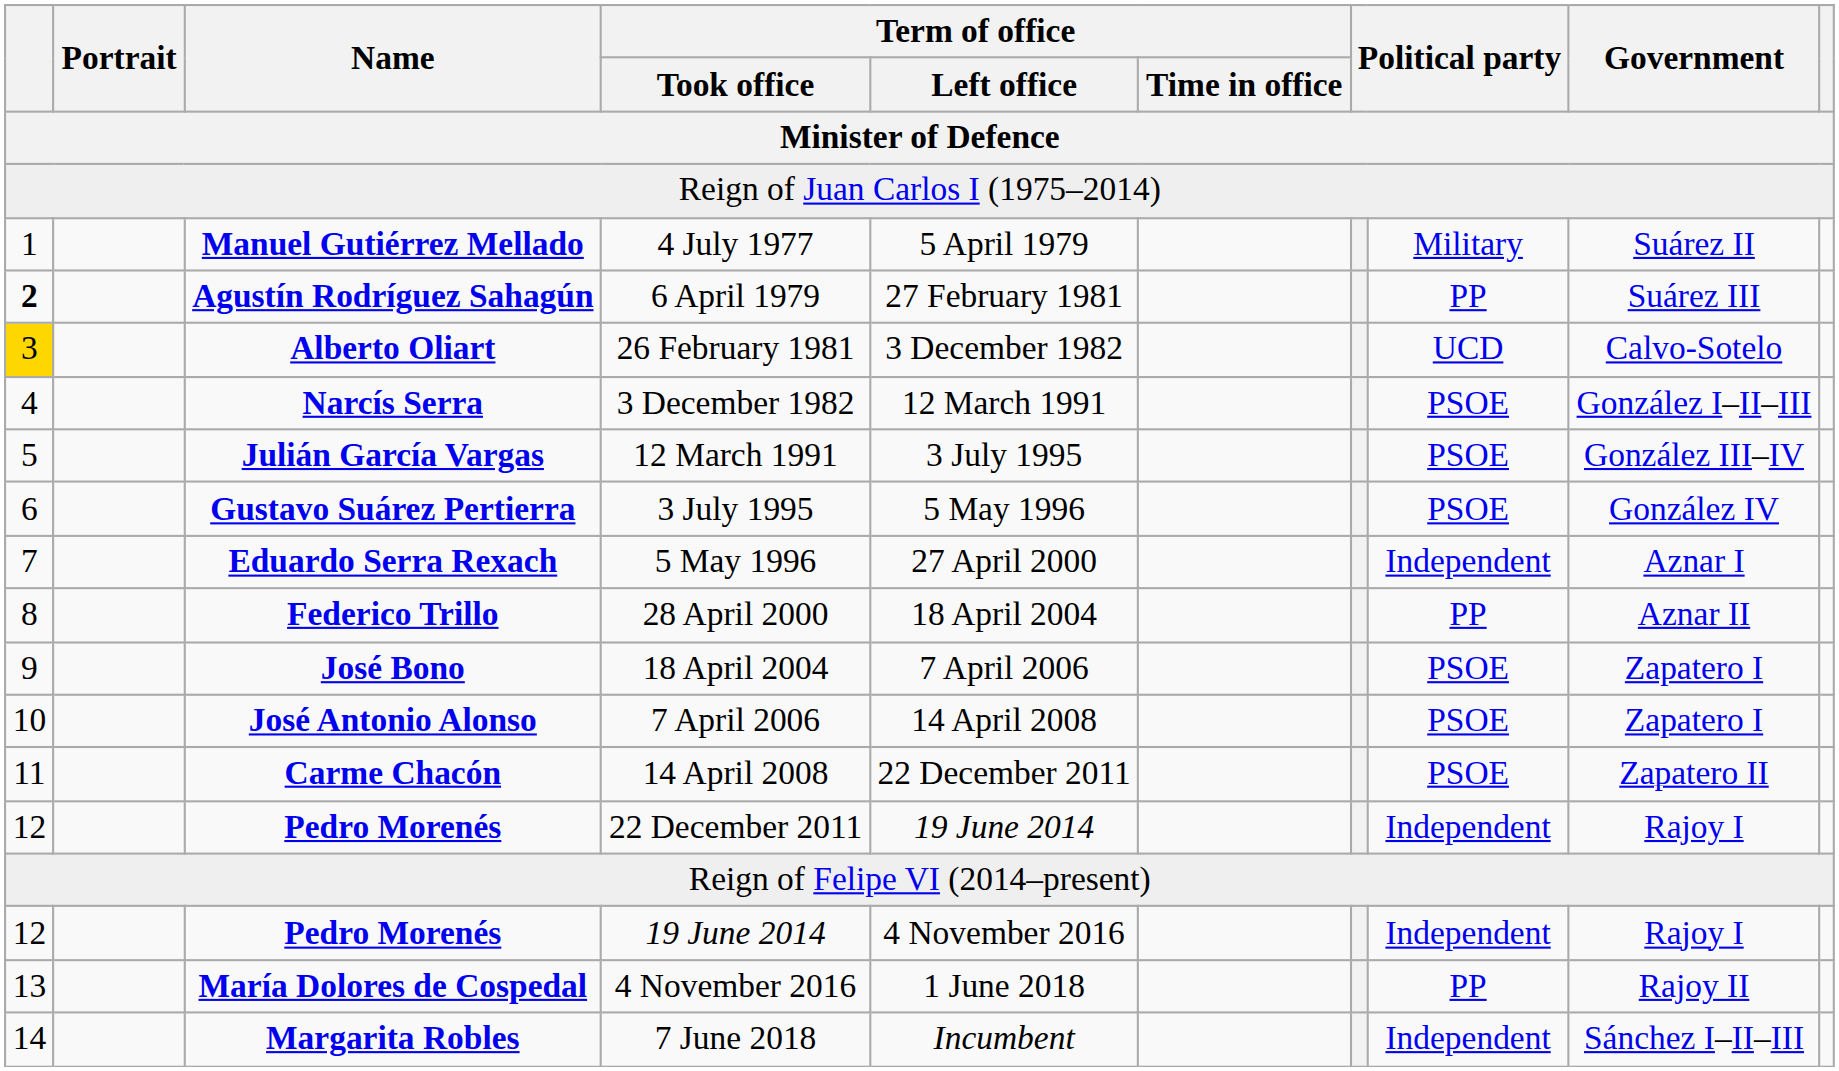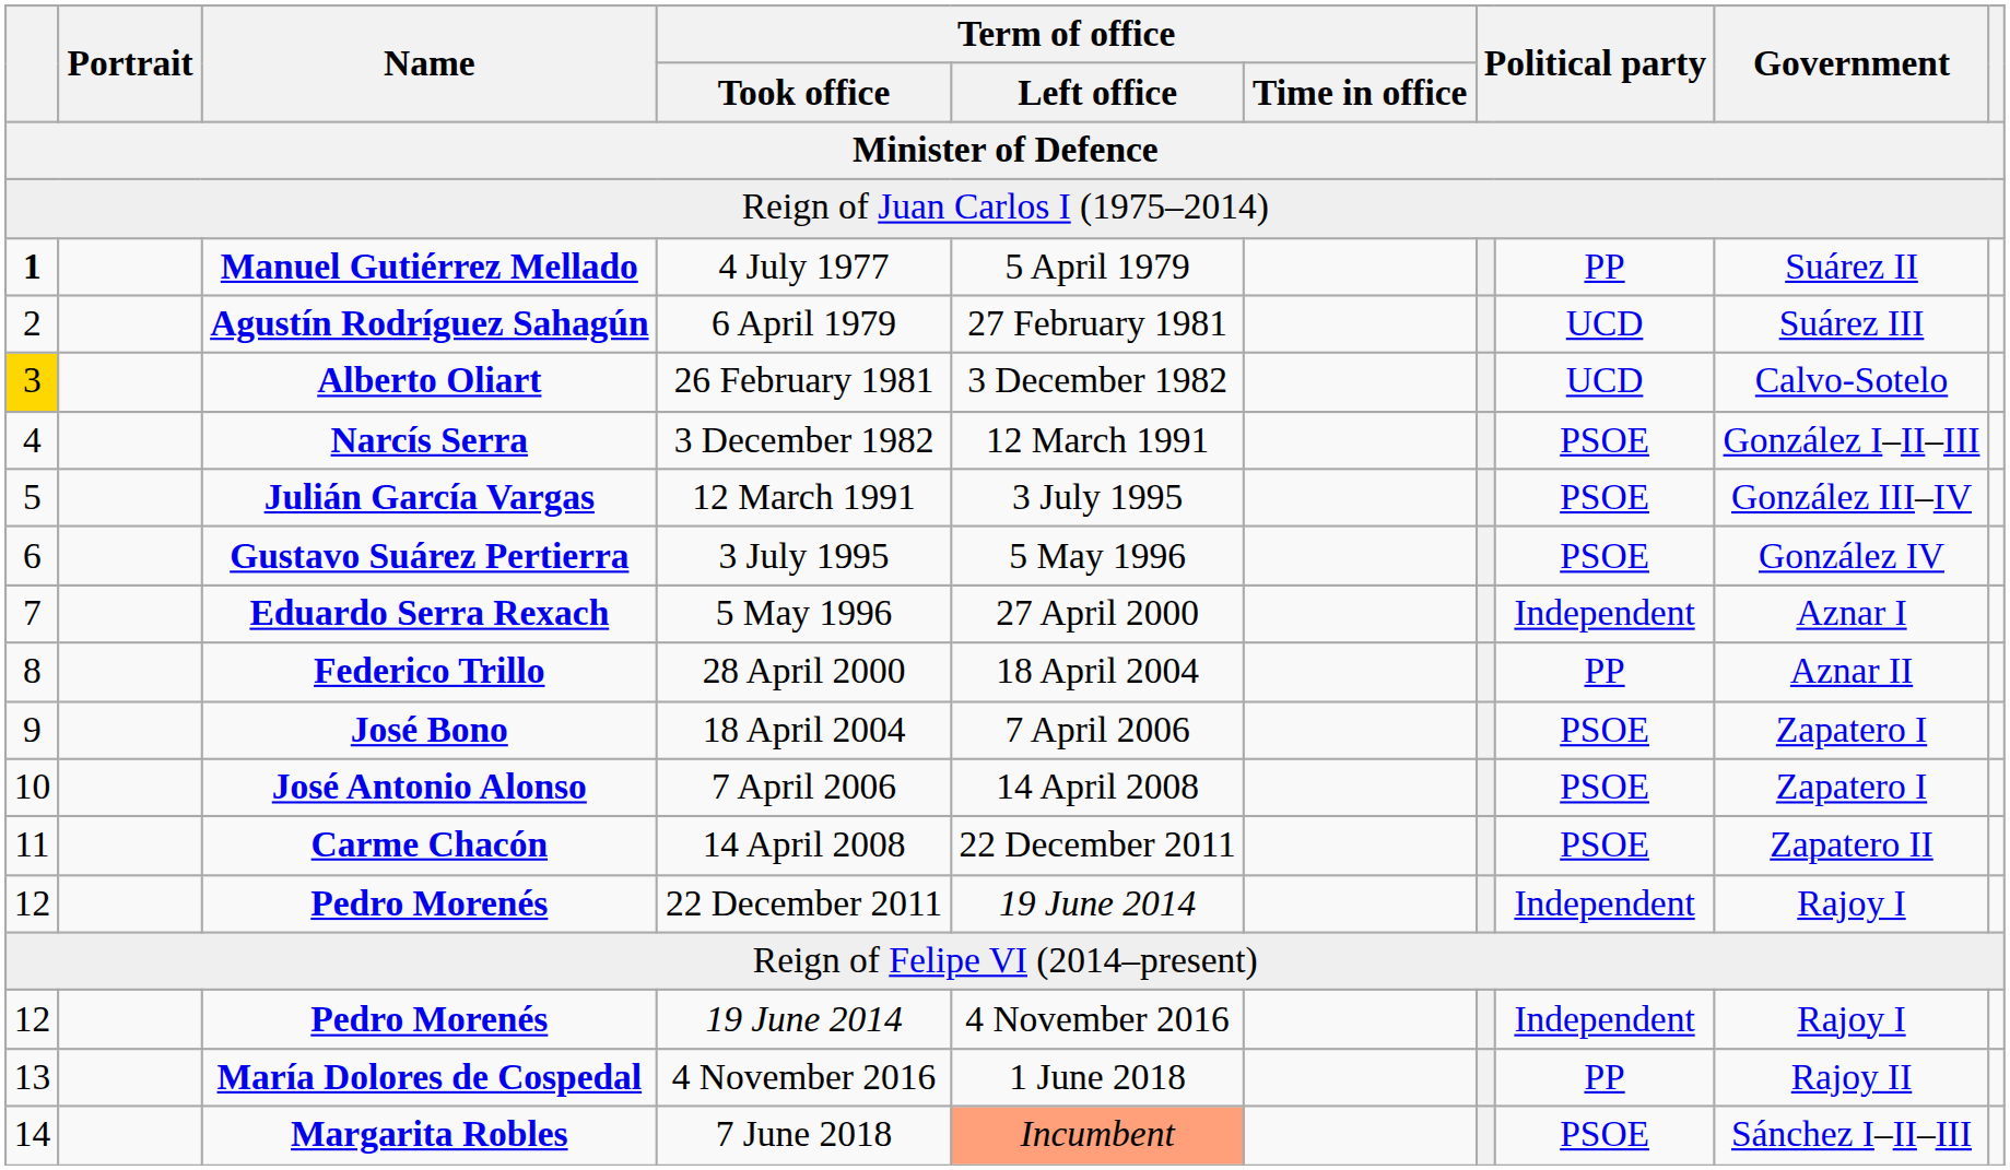 <table class="wikitable" style="text-align:center">
 <tr>
 <th rowspan=2></th>
 <th rowspan=2>Portrait</th>
 <th rowspan=2>Name<br></th>
 <th colspan=3>Term of office</th>
 <th colspan=2 rowspan=2>Political party</th>
 <th rowspan=2>Government</th>
 <th rowspan=2></th>
 </tr>
 <tr>
 <th>Took office</th>
 <th>Left office</th>
 <th>Time in office</th>
 </tr>
 <tr>
 <th colspan=10>Minister of Defence</th>
 </tr>
 <tr style="background:#efefef;">
 <td colspan=10>Reign of <a href='#'>Juan Carlos I</a> (1975–2014)</td>
 </tr>
 <tr>
-<td>1</td>
+<td><strong>1</strong></td>
 <td></td>
 <td><strong><a href='#'>Manuel Gutiérrez Mellado</a></strong><br></td>
 <td>4 July 1977</td>
 <td>5 April 1979</td>
 <td></td>
 <th style="background:"></th>
-<td><a href='#'>Military</a></td>
+<td><a href='#'>PP</a></td>
 <td><a href='#'>Suárez II</a></td>
 <td></td>
 </tr>
 <tr>
-<td><strong>2</strong></td>
+<td>2</td>
 <td></td>
 <td><strong><a href='#'>Agustín Rodríguez Sahagún</a></strong><br></td>
 <td>6 April 1979</td>
 <td>27 February 1981</td>
 <td></td>
 <th style="background:"></th>
-<td><a href='#'>PP</a></td>
+<td><a href='#'>UCD</a></td>
 <td><a href='#'>Suárez III</a></td>
 <td></td>
 </tr>
 <tr>
 <td style="background: gold;">3</td>
 <td></td>
 <td><strong><a href='#'>Alberto Oliart</a></strong><br></td>
 <td>26 February 1981</td>
 <td>3 December 1982</td>
 <td></td>
 <th style="background:"></th>
 <td><a href='#'>UCD</a></td>
 <td><a href='#'>Calvo-Sotelo</a></td>
 <td></td>
 </tr>
 <tr>
 <td>4</td>
 <td></td>
 <td><strong><a href='#'>Narcís Serra</a></strong><br></td>
 <td>3 December 1982</td>
 <td>12 March 1991</td>
 <td></td>
 <th style="background:"></th>
 <td><a href='#'>PSOE</a></td>
 <td><a href='#'>González I</a>–<a href='#'>II</a>–<a href='#'>III</a></td>
 <td><br></td>
 </tr>
 <tr>
 <td>5</td>
 <td></td>
 <td><strong><a href='#'>Julián García Vargas</a></strong><br></td>
 <td>12 March 1991</td>
 <td>3 July 1995</td>
 <td></td>
 <th style="background:"></th>
 <td><a href='#'>PSOE</a></td>
 <td><a href='#'>González III</a>–<a href='#'>IV</a></td>
 <td></td>
 </tr>
 <tr>
 <td>6</td>
 <td></td>
 <td><strong><a href='#'>Gustavo Suárez Pertierra</a></strong><br></td>
 <td>3 July 1995</td>
 <td>5 May 1996</td>
 <td></td>
 <th style="background:"></th>
 <td><a href='#'>PSOE</a></td>
 <td><a href='#'>González IV</a></td>
 <td></td>
 </tr>
 <tr>
 <td>7</td>
 <td></td>
 <td><strong><a href='#'>Eduardo Serra Rexach</a></strong><br></td>
 <td>5 May 1996</td>
 <td>27 April 2000</td>
 <td></td>
 <th style="background:"></th>
 <td><a href='#'>Independent</a></td>
 <td><a href='#'>Aznar I</a></td>
 <td></td>
 </tr>
 <tr>
 <td>8</td>
 <td></td>
 <td><strong><a href='#'>Federico Trillo</a></strong><br></td>
 <td>28 April 2000</td>
 <td>18 April 2004</td>
 <td></td>
 <th style="background:"></th>
 <td><a href='#'>PP</a></td>
 <td><a href='#'>Aznar II</a></td>
 <td></td>
 </tr>
 <tr>
 <td>9</td>
 <td></td>
 <td><strong><a href='#'>José Bono</a></strong><br></td>
 <td>18 April 2004</td>
 <td>7 April 2006</td>
 <td></td>
 <th style="background:"></th>
 <td><a href='#'>PSOE</a></td>
 <td><a href='#'>Zapatero I</a></td>
 <td></td>
 </tr>
 <tr>
 <td>10</td>
 <td></td>
 <td><strong><a href='#'>José Antonio Alonso</a></strong><br></td>
 <td>7 April 2006</td>
 <td>14 April 2008</td>
 <td></td>
 <th style="background:"></th>
 <td><a href='#'>PSOE</a></td>
 <td><a href='#'>Zapatero I</a></td>
 <td></td>
 </tr>
 <tr>
 <td>11</td>
 <td></td>
 <td><strong><a href='#'>Carme Chacón</a></strong><br></td>
 <td>14 April 2008</td>
 <td>22 December 2011</td>
 <td></td>
 <th style="background:"></th>
 <td><a href='#'>PSOE</a></td>
 <td><a href='#'>Zapatero II</a></td>
 <td></td>
 </tr>
 <tr>
 <td>12</td>
 <td></td>
 <td><strong><a href='#'>Pedro Morenés</a></strong><br></td>
 <td>22 December 2011</td>
 <td><em>19 June 2014</em></td>
 <td></td>
 <th style="background:"></th>
 <td><a href='#'>Independent</a></td>
 <td><a href='#'>Rajoy I</a></td>
 <td></td>
 </tr>
 <tr style="background:#efefef;">
 <td colspan=10>Reign of <a href='#'>Felipe VI</a> (2014–present)</td>
 </tr>
 <tr>
 <td>12</td>
 <td></td>
 <td><strong><a href='#'>Pedro Morenés</a></strong><br></td>
 <td><em>19 June 2014</em></td>
 <td>4 November 2016</td>
 <td></td>
 <th style="background:"></th>
 <td><a href='#'>Independent</a></td>
 <td><a href='#'>Rajoy I</a></td>
 <td></td>
 </tr>
 <tr>
 <td>13</td>
 <td></td>
 <td><strong><a href='#'>María Dolores de Cospedal</a></strong><br></td>
 <td>4 November 2016</td>
 <td>1 June 2018</td>
 <td></td>
 <th style="background:"></th>
 <td><a href='#'>PP</a></td>
 <td><a href='#'>Rajoy II</a></td>
 <td></td>
 </tr>
 <tr>
 <td>14</td>
 <td></td>
 <td><strong><a href='#'>Margarita Robles</a></strong><br></td>
 <td>7 June 2018</td>
-<td><em>Incumbent</em></td>
+<td style="background: lightsalmon;"><em>Incumbent</em></td>
 <td></td>
 <th style="background:"></th>
-<td><a href='#'>Independent</a></td>
+<td><a href='#'>PSOE</a></td>
 <td><a href='#'>Sánchez I</a>–<a href='#'>II</a>–<a href='#'>III</a></td>
 <td></td>
 </tr>
 </table>
